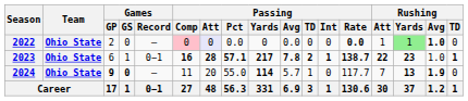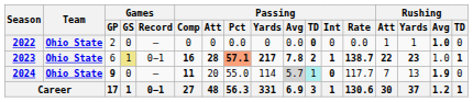 <table class="wikitable" style="text-align:center;">
 <tr>
 <th rowspan="2">Season</th>
 <th rowspan="2">Team</th>
 <th colspan="3">Games</th>
 <th colspan="8">Passing</th>
 <th colspan="4">Rushing</th>
 </tr>
 <tr>
 <th>GP</th>
 <th>GS</th>
 <th>Record</th>
 <th>Comp</th>
 <th>Att</th>
 <th>Pct</th>
 <th>Yards</th>
 <th>Avg</th>
 <th>TD</th>
 <th>Int</th>
 <th>Rate</th>
 <th>Att</th>
 <th>Yards</th>
 <th>Avg</th>
 <th>TD</th>
 </tr>
 <tr>
 <th><a href='#'>2022</a></th>
 <th><a href='#'>Ohio State</a></th>
 <td>2</td>
 <td>0</td>
 <td>—</td>
-<td style="background: pink;">0</td>
-<td style="background: lavender;">0</td>
+<td>0</td>
+<td>0</td>
 <td>0.0</td>
 <td>0</td>
 <td>0.0</td>
+<td><strong>0</strong></td>
 <td>0</td>
-<td>0</td>
-<td><strong>0.0</strong></td>
+<td>0.0</td>
 <td>1</td>
-<td style="background: lightgreen;">1</td>
+<td>1</td>
 <td><strong>1.0</strong></td>
 <td>0</td>
 </tr>
 <tr>
 <th><a href='#'>2023</a></th>
 <th><a href='#'>Ohio State</a></th>
 <td>6</td>
-<td>1</td>
+<td style="background: khaki;">1</td>
 <td>0−1</td>
 <td><strong>16</strong></td>
 <td><strong>28</strong></td>
-<td><strong>57.1</strong></td>
+<td style="background: lightsalmon;"><strong>57.1</strong></td>
 <td><strong>217</strong></td>
 <td><strong>7.8</strong></td>
 <td><strong>2</strong></td>
 <td><strong>1</strong></td>
 <td><strong>138.7</strong></td>
 <td><strong>22</strong></td>
 <td><strong>23</strong></td>
 <td>1.0</td>
 <td><strong>1</strong></td>
 </tr>
 <tr>
 <th><a href='#'>2024</a></th>
 <th><a href='#'>Ohio State</a></th>
 <td><strong>9</strong></td>
-<td><strong>0</strong></td>
+<td>0</td>
 <td>—</td>
-<td>11</td>
+<td><strong>11</strong></td>
 <td>20</td>
 <td>55.0</td>
-<td><strong>114</strong></td>
-<td>5.7</td>
-<td>1</td>
-<td>0</td>
+<td>114</td>
+<td style="background: lightgrey;">5.7</td>
+<td style="background: paleturquoise;">1</td>
+<td><strong>0</strong></td>
 <td>117.7</td>
 <td>7</td>
-<td><strong>13</strong></td>
+<td>13</td>
 <td><strong>1.9</strong></td>
 <td>0</td>
 </tr>
 <tr>
 <th colspan="2">Career</th>
 <th>17</th>
 <th>1</th>
 <th>0−1</th>
 <th>27</th>
 <th>48</th>
 <th>56.3</th>
 <th>331</th>
 <th>6.9</th>
 <th>3</th>
 <th>1</th>
 <th>130.6</th>
 <th>30</th>
 <th>37</th>
 <th>1.2</th>
 <th>1</th>
 </tr>
 </table>
